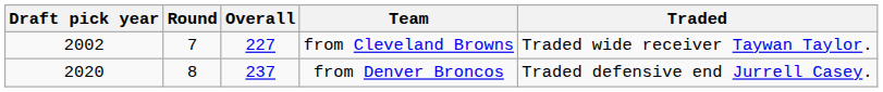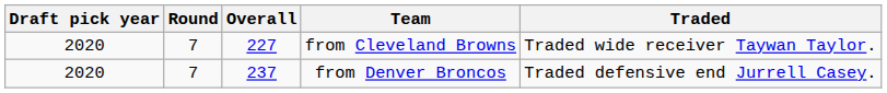 <table class="wikitable" style="text-align:center">
 <tr>
 <th>Draft pick year</th>
 <th>Round</th>
 <th>Overall</th>
 <th>Team</th>
 <th>Traded</th>
 </tr>
 <tr>
-<td>2002</td>
+<td>2020</td>
 <td>7</td>
 <td><a href='#'>227</a></td>
 <td>from <a href='#'>Cleveland Browns</a></td>
 <td>Traded wide receiver <a href='#'>Taywan Taylor</a>.</td>
 </tr>
 <tr>
 <td>2020</td>
-<td>8</td>
+<td>7</td>
 <td><a href='#'>237</a></td>
 <td>from <a href='#'>Denver Broncos</a></td>
 <td>Traded defensive end <a href='#'>Jurrell Casey</a>.</td>
 </tr>
 </table>
